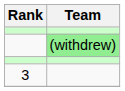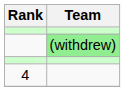 <table class="wikitable">
 <tr>
 <th>Rank</th>
 <th>Team</th>
 </tr>
 <tr bgcolor=#ccffcc>
 <td align=center></td>
 <td></td>
 </tr>
 <tr>
 <td align=center></td>
 <td style="background: lightgreen;"> (withdrew)</td>
 </tr>
 <tr bgcolor=#ccffcc>
 <td align=center></td>
 <td></td>
 </tr>
 <tr>
-<td align=center>3</td>
+<td align=center>4</td>
 <td></td>
 </tr>
 <tr>
 </tr>
 </table>
